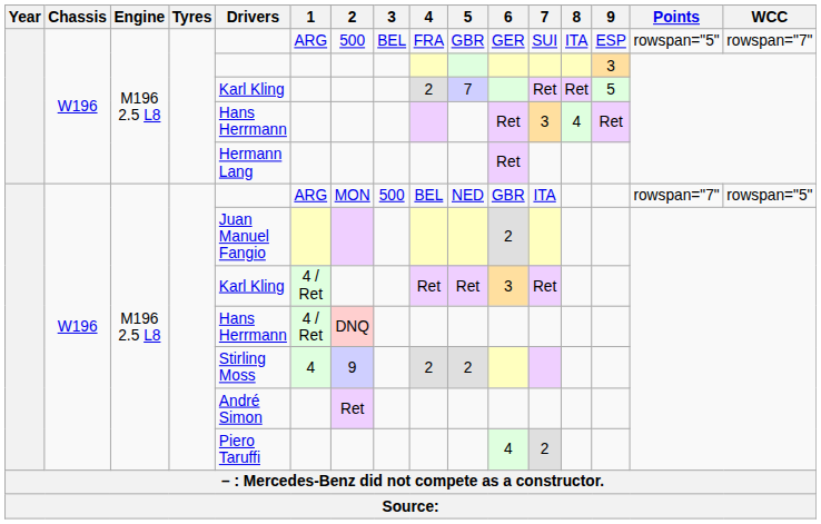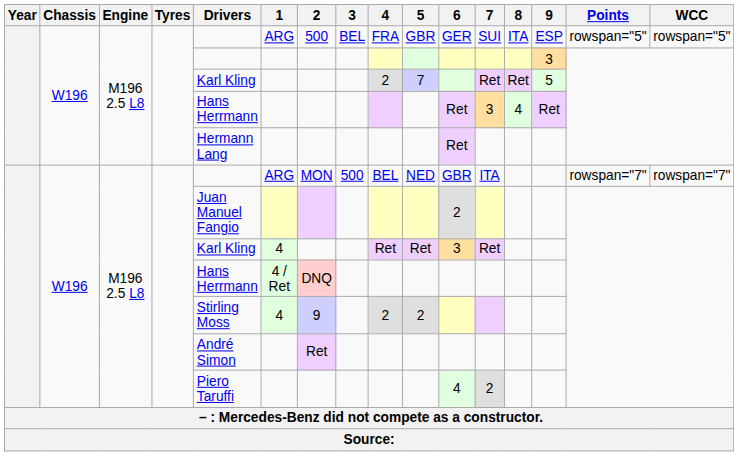 <table class="wikitable" style="text-align:center; font-size:85%">
 <tr>
 <th>Year</th>
 <th>Chassis</th>
 <th>Engine</th>
 <th>Tyres</th>
 <th>Drivers</th>
 <th>1</th>
 <th>2</th>
 <th>3</th>
 <th>4</th>
 <th>5</th>
 <th>6</th>
 <th>7</th>
 <th>8</th>
 <th>9</th>
 <th><a href='#'>Points</a></th>
 <th>WCC</th>
 </tr>
 <tr>
 <th rowspan="5"></th>
 <td rowspan="5"><a href='#'>W196</a></td>
 <td rowspan="5">M196 2.5 <a href='#'>L8</a></td>
 <td rowspan="5"></td>
 <td></td>
 <td><a href='#'>ARG</a></td>
 <td><a href='#'>500</a></td>
 <td><a href='#'>BEL</a></td>
 <td><a href='#'>FRA</a></td>
 <td><a href='#'>GBR</a></td>
 <td><a href='#'>GER</a></td>
 <td><a href='#'>SUI</a></td>
 <td><a href='#'>ITA</a></td>
 <td><a href='#'>ESP</a></td>
 <td>rowspan="5" </td>
-<td>rowspan="7" </td>
+<td>rowspan="5" </td>
 </tr>
 <tr>
 <td align="left"></td>
 <td></td>
 <td></td>
 <td></td>
 <td style="background:#ffffbf;"></td>
 <td style="background:#dfffdf;"></td>
 <td style="background:#ffffbf;"></td>
 <td style="background:#ffffbf;"></td>
 <td style="background:#ffffbf;"></td>
 <td style="background:#ffdf9f;">3</td>
 </tr>
 <tr>
 <td align="left"> <a href='#'>Karl Kling</a></td>
 <td></td>
 <td></td>
 <td></td>
 <td style="background:#dfdfdf;">2</td>
 <td style="background:#cfcfff;">7</td>
 <td style="background:#dfffdf;"></td>
 <td style="background:#efcfff;">Ret</td>
 <td style="background:#efcfff;">Ret</td>
 <td style="background:#dfffdf;">5</td>
 </tr>
 <tr>
 <td align="left"> <a href='#'>Hans Herrmann</a></td>
 <td></td>
 <td></td>
 <td></td>
 <td style="background:#efcfff;"></td>
 <td></td>
 <td style="background:#efcfff;">Ret</td>
 <td style="background:#ffdf9f;">3</td>
 <td style="background:#dfffdf;">4</td>
 <td style="background:#efcfff;">Ret</td>
 </tr>
 <tr>
 <td align="left"> <a href='#'>Hermann Lang</a></td>
 <td></td>
 <td></td>
 <td></td>
 <td></td>
 <td></td>
 <td style="background:#efcfff;">Ret</td>
 <td></td>
 <td></td>
 <td></td>
 </tr>
 <tr>
 <th rowspan="7"></th>
 <td rowspan="7"><a href='#'>W196</a></td>
 <td rowspan="7">M196 2.5 <a href='#'>L8</a></td>
 <td rowspan="7"></td>
 <td></td>
 <td><a href='#'>ARG</a></td>
 <td><a href='#'>MON</a></td>
 <td><a href='#'>500</a></td>
 <td><a href='#'>BEL</a></td>
 <td><a href='#'>NED</a></td>
 <td><a href='#'>GBR</a></td>
 <td><a href='#'>ITA</a></td>
 <td></td>
 <td></td>
 <td>rowspan="7" </td>
-<td>rowspan="5" </td>
+<td>rowspan="7" </td>
 </tr>
 <tr>
 <td align="left"> <a href='#'>Juan Manuel Fangio</a></td>
 <td style="background:#ffffbf;"></td>
 <td style="background:#efcfff;"></td>
 <td></td>
 <td style="background:#ffffbf;"></td>
 <td style="background:#ffffbf;"></td>
 <td style="background:#dfdfdf;">2</td>
 <td style="background:#ffffbf;"></td>
 <td></td>
 <td></td>
 </tr>
 <tr>
 <td align="left"> <a href='#'>Karl Kling</a></td>
-<td style="background:#dfffdf;">4 / Ret</td>
+<td style="background:#dfffdf;">4</td>
 <td></td>
 <td></td>
 <td style="background:#efcfff;">Ret</td>
 <td style="background:#efcfff;">Ret</td>
 <td style="background:#ffdf9f;">3</td>
 <td style="background:#efcfff;">Ret</td>
 <td></td>
 <td></td>
 </tr>
 <tr>
 <td align="left"> <a href='#'>Hans Herrmann</a></td>
 <td style="background:#dfffdf;">4 / Ret</td>
 <td style="background:#FFCFCF;">DNQ</td>
 <td></td>
 <td></td>
 <td></td>
 <td></td>
 <td></td>
 <td></td>
 <td></td>
 </tr>
 <tr>
 <td align="left"> <a href='#'>Stirling Moss</a></td>
 <td style="background:#dfffdf;">4</td>
 <td style="background:#cfcfff;">9</td>
 <td></td>
 <td style="background:#dfdfdf;">2</td>
 <td style="background:#dfdfdf;">2</td>
 <td style="background:#ffffbf;"></td>
 <td style="background:#efcfff;"></td>
 <td></td>
 <td></td>
 </tr>
 <tr>
 <td align="left"> <a href='#'>André Simon</a></td>
 <td></td>
 <td style="background:#efcfff;">Ret</td>
 <td></td>
 <td></td>
 <td></td>
 <td></td>
 <td></td>
 <td></td>
 <td></td>
 </tr>
 <tr>
 <td align="left"> <a href='#'>Piero Taruffi</a></td>
 <td></td>
 <td></td>
 <td></td>
 <td></td>
 <td></td>
 <td style="background:#dfffdf;">4</td>
 <td style="background:#dfdfdf;">2</td>
 <td></td>
 <td></td>
 </tr>
 <tr>
 <th colspan="16" align="center"> – : Mercedes-Benz did not compete as a constructor.</th>
 </tr>
 <tr>
 <th colspan="16">Source:</th>
 </tr>
 </table>
